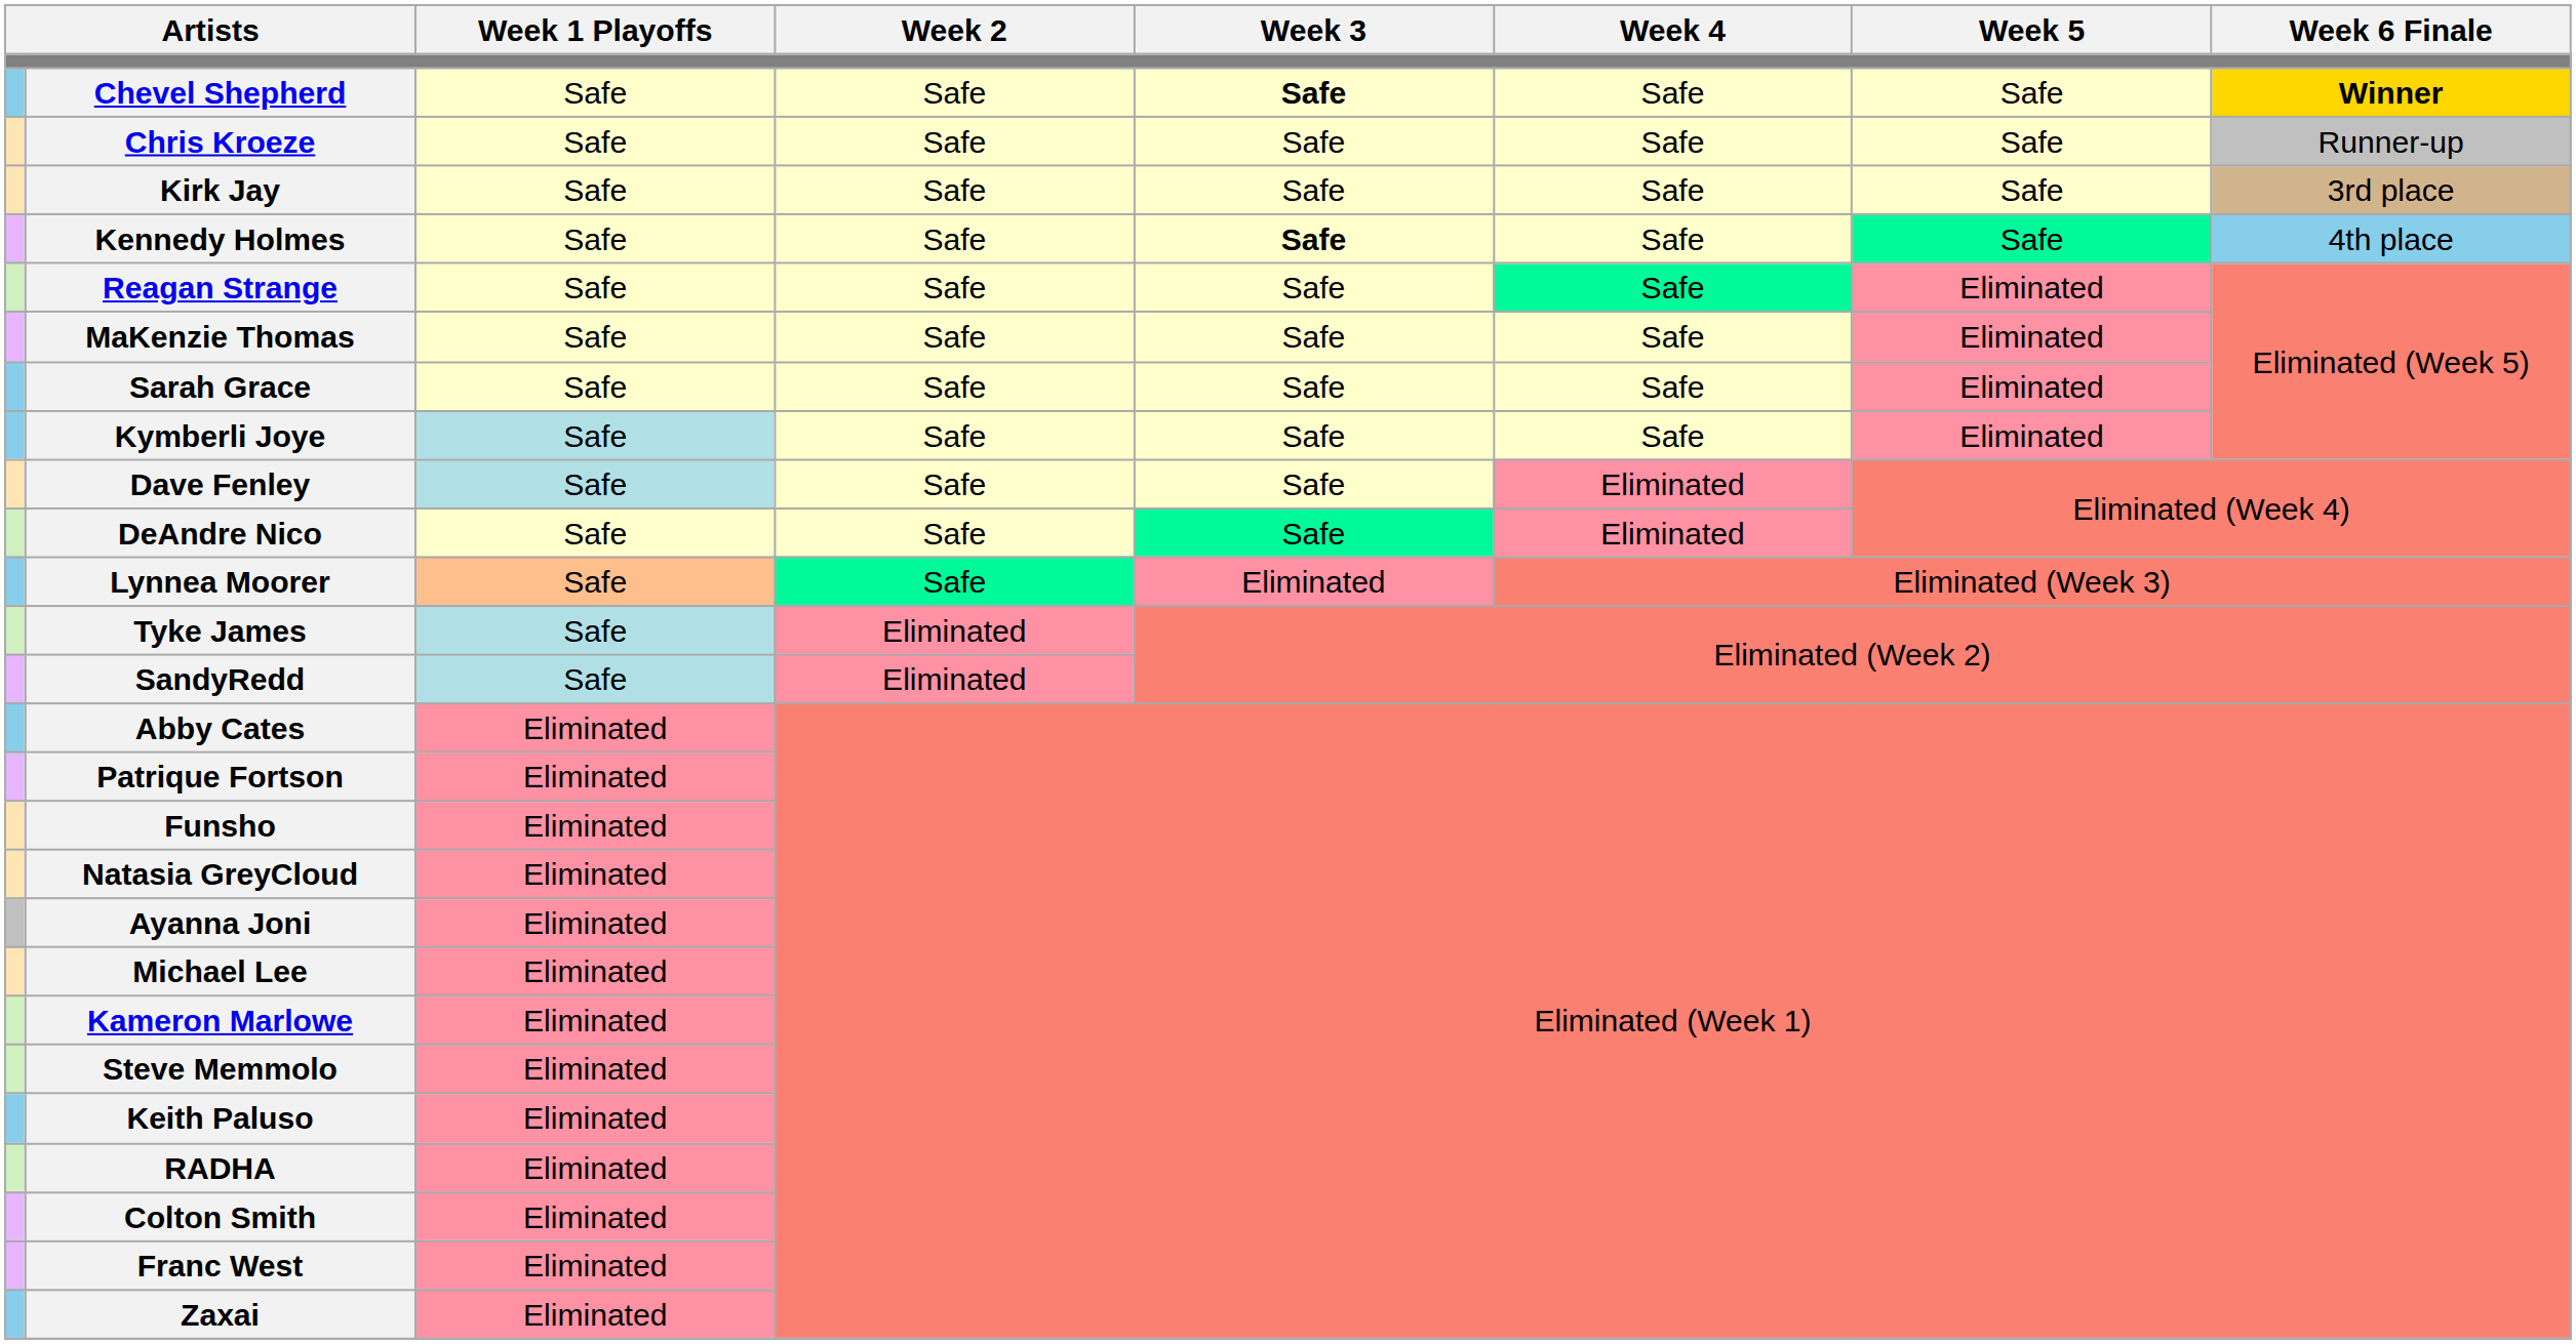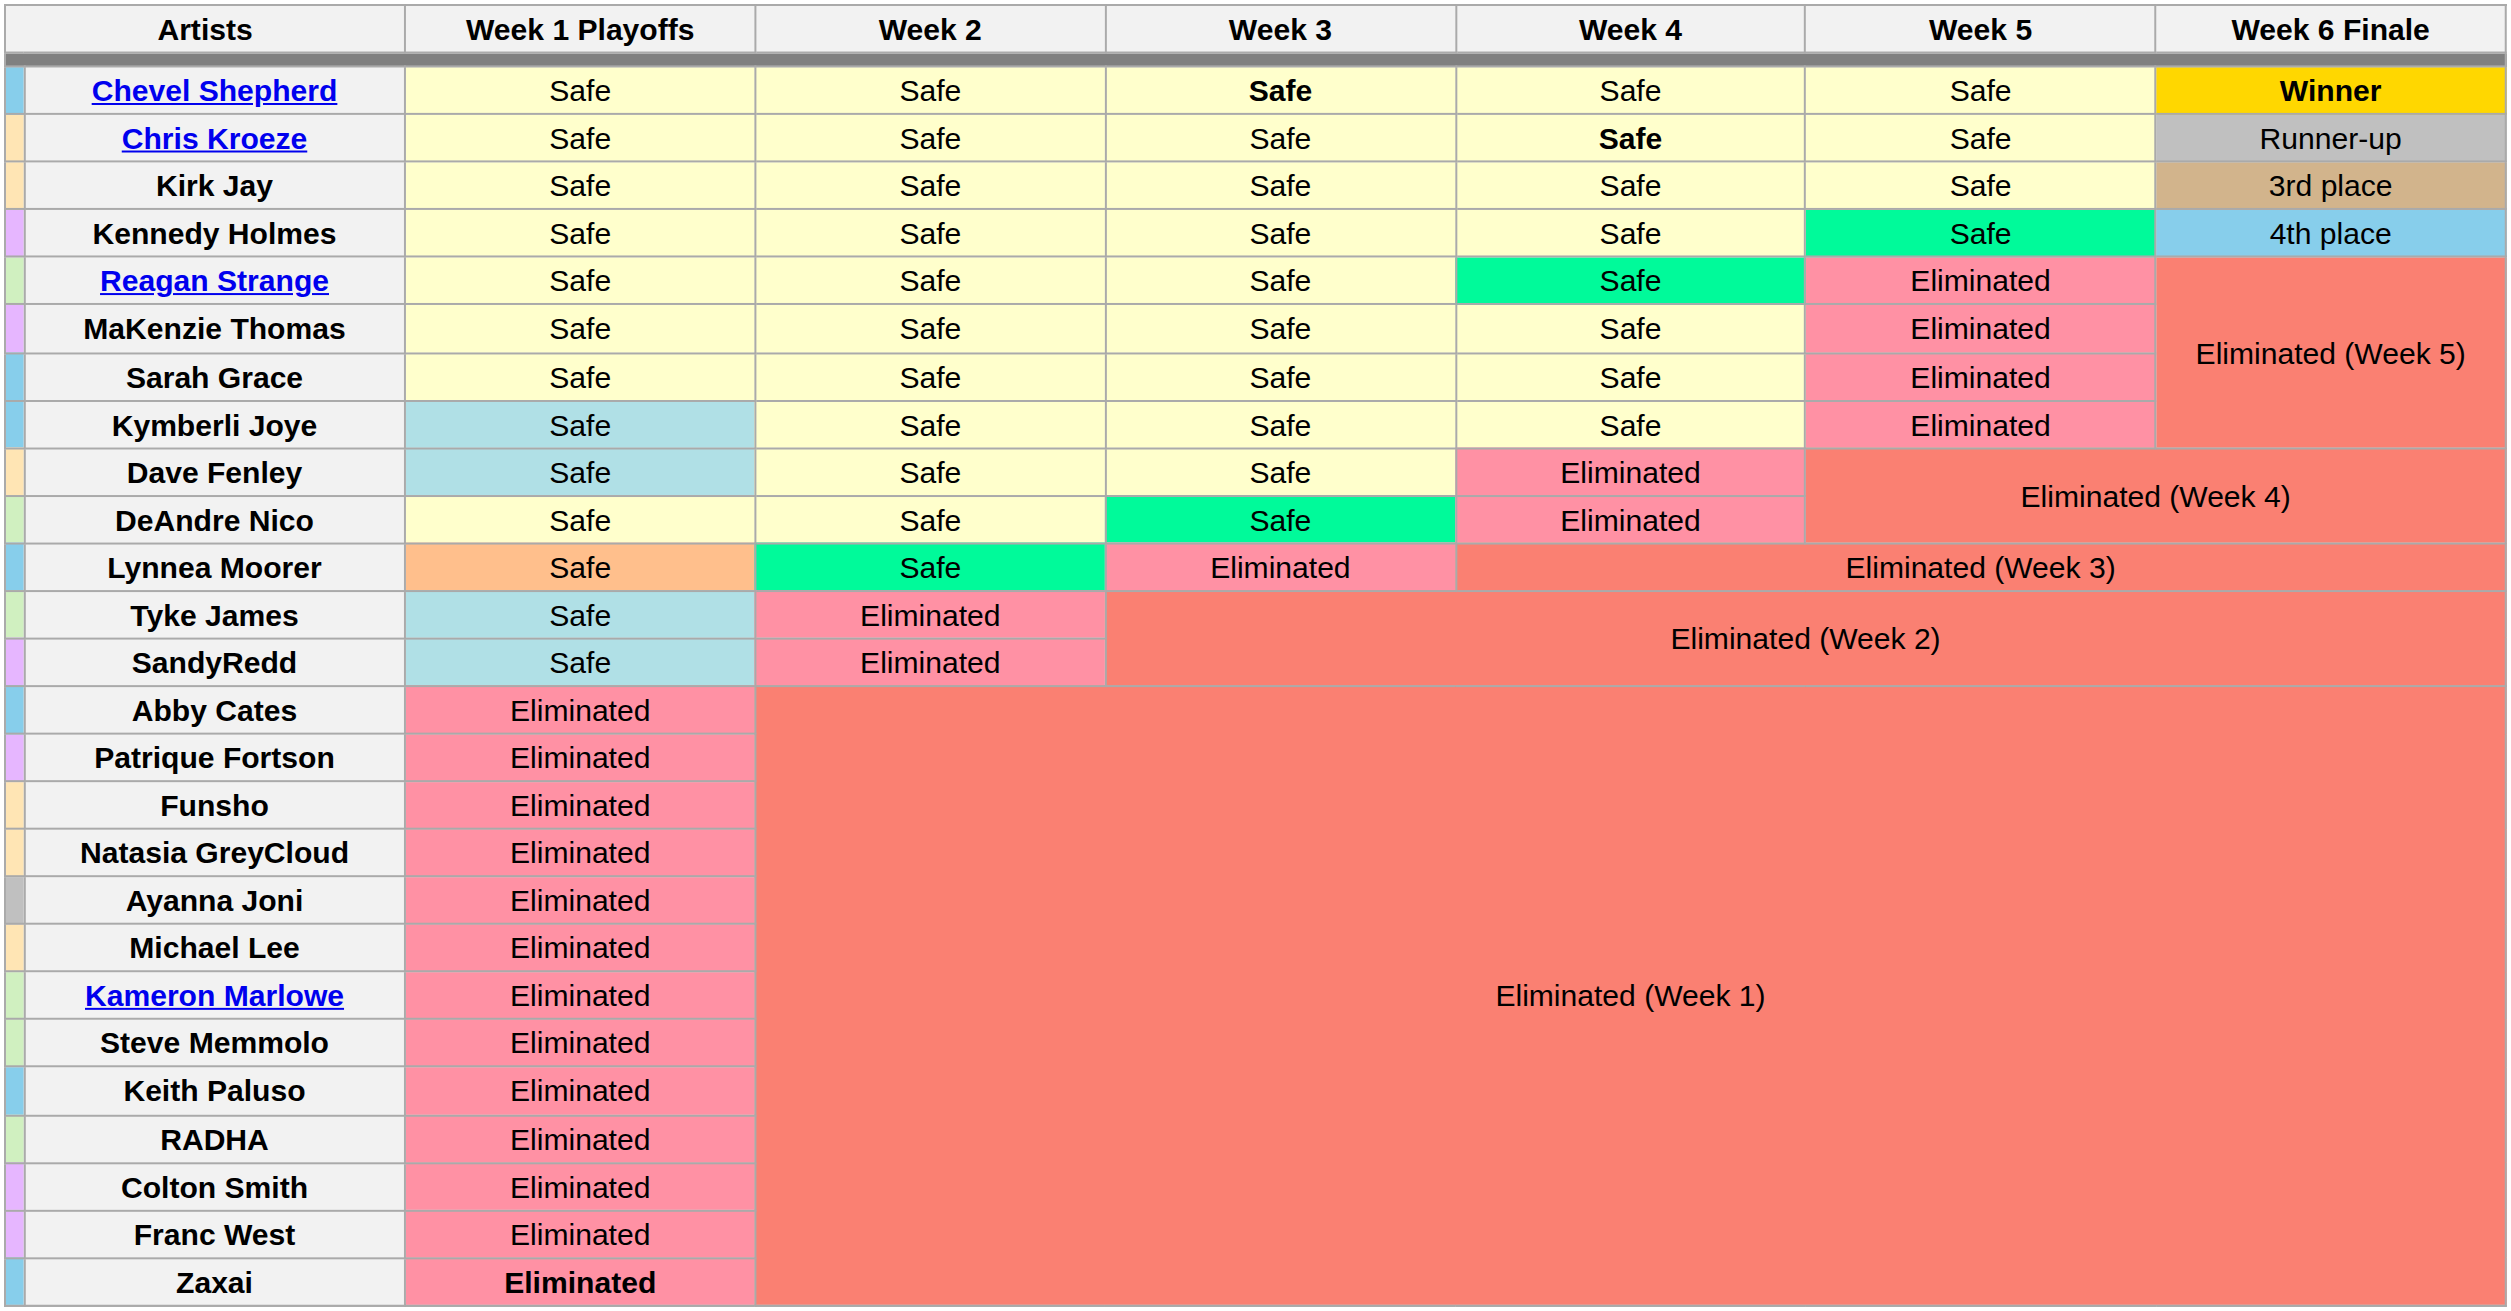 <table class="wikitable"  style="text-align:center; font-size:95%; width:100%;">
 <tr>
 </tr>
 <tr>
 <th colspan="2">Artists</th>
 <th style="width:14%;">Week 1 Playoffs</th>
 <th style="width:14%;">Week 2</th>
 <th style="width:14%;">Week 3</th>
 <th style="width:14%;">Week 4</th>
 <th style="width:14%;">Week 5</th>
 <th style="width:14%;">Week 6 Finale</th>
 </tr>
 <tr>
 <th colspan="9" style="background:gray;"></th>
 </tr>
 <tr>
 <th style="background:#87ceeb;"></th>
 <th><a href='#'>Chevel Shepherd</a></th>
 <td style="background:#FFFFCC;">Safe</td>
 <td style="background:#FFFFCC;">Safe</td>
 <td style="background:#FFFFCC;"><strong>Safe</strong></td>
 <td style="background:#FFFFCC;">Safe</td>
 <td style="background:#FFFFCC;">Safe</td>
 <td style="background:gold;"><strong>Winner</strong></td>
 </tr>
 <tr>
 <td style="background:#ffe5b4;"></td>
 <th><a href='#'>Chris Kroeze</a></th>
 <td style="background:#FFFFCC;">Safe</td>
 <td style="background:#FFFFCC;">Safe</td>
 <td style="background:#FFFFCC;">Safe</td>
-<td style="background:#FFFFCC;">Safe</td>
+<td style="background:#FFFFCC;"><strong>Safe</strong></td>
 <td style="background:#FFFFCC;">Safe</td>
 <td style="background:silver;">Runner-up</td>
 </tr>
 <tr>
 <th style="background:#ffe5b4;"></th>
 <th>Kirk Jay</th>
 <td style="background:#FFFFCC;">Safe</td>
 <td style="background:#FFFFCC;">Safe</td>
 <td style="background:#FFFFCC;">Safe</td>
 <td style="background:#FFFFCC;">Safe</td>
 <td style="background:#FFFFCC;">Safe</td>
 <td style="background:tan;">3rd place</td>
 </tr>
 <tr>
 <th style="background:#E6B6FF;"></th>
 <th>Kennedy Holmes</th>
 <td style="background:#FFFFCC;">Safe</td>
 <td style="background:#FFFFCC;">Safe</td>
-<td style="background:#FFFFCC;"><strong>Safe</strong></td>
+<td style="background:#FFFFCC;">Safe</td>
 <td style="background:#FFFFCC;">Safe</td>
 <td style="background:#00FA9A;">Safe</td>
 <td style="background:#87ceeb;">4th place</td>
 </tr>
 <tr>
 <th style="background:#d0f0c0;"></th>
 <th><a href='#'>Reagan Strange</a></th>
 <td style="background:#FFFFCC;">Safe</td>
 <td style="background:#FFFFCC;">Safe</td>
 <td style="background:#FFFFCC;">Safe</td>
 <td style="background:#00FA9A;">Safe</td>
 <td style="background:#FF91A4;">Eliminated</td>
 <td rowspan="4" colspan="2" style="background:salmon;">Eliminated (Week 5)</td>
 </tr>
 <tr>
 <td style="background:#E6B6FF;"></td>
 <th>MaKenzie Thomas</th>
 <td style="background:#FFFFCC;">Safe</td>
 <td style="background:#FFFFCC;">Safe</td>
 <td style="background:#FFFFCC;">Safe</td>
 <td style="background:#FFFFCC;">Safe</td>
 <td style="background:#FF91A4;">Eliminated</td>
 </tr>
 <tr>
 <th style="background:#87ceeb;"></th>
 <th>Sarah Grace</th>
 <td style="background:#FFFFCC;">Safe</td>
 <td style="background:#FFFFCC;">Safe</td>
 <td style="background:#FFFFCC;">Safe</td>
 <td style="background:#FFFFCC;">Safe</td>
 <td style="background:#FF91A4;">Eliminated</td>
 </tr>
 <tr>
 <th style="background:#87ceeb;"></th>
 <th>Kymberli Joye</th>
 <td style="background:#B0E0E6;">Safe</td>
 <td style="background:#FFFFCC;">Safe</td>
 <td style="background:#FFFFCC;">Safe</td>
 <td style="background:#FFFFCC;">Safe</td>
 <td style="background:#FF91A4;">Eliminated</td>
 </tr>
 <tr>
 <th style="background:#ffe5b4;"></th>
 <th>Dave Fenley</th>
 <td style="background:#B0E0E6;">Safe</td>
 <td style="background:#FFFFCC;">Safe</td>
 <td style="background:#FFFFCC;">Safe</td>
 <td style="background:#FF91A4;">Eliminated</td>
 <td rowspan="2" colspan="3" style="background:salmon;">Eliminated (Week 4)</td>
 </tr>
 <tr>
 <th style="background:#d0f0c0;"></th>
 <th>DeAndre Nico</th>
 <td style="background:#FFFFCC;">Safe</td>
 <td style="background:#FFFFCC;">Safe</td>
 <td style="background:#00FA9A;">Safe</td>
 <td style="background:#FF91A4;">Eliminated</td>
 </tr>
 <tr>
 <th style="background:#87ceeb;"></th>
 <th>Lynnea Moorer</th>
 <td style="background:#FFBF8C;">Safe</td>
 <td style="background:#00FA9A;">Safe</td>
 <td style="background:#FF91A4;">Eliminated</td>
 <td colspan="4" style="background:salmon;">Eliminated (Week 3)</td>
 </tr>
 <tr>
 <th style="background:#d0f0c0;"></th>
 <th>Tyke James</th>
 <td style="background:#B0E0E6;">Safe</td>
 <td style="background:#FF91A4;">Eliminated</td>
 <td rowspan="2" colspan="5" style="background:salmon;">Eliminated (Week 2)</td>
 </tr>
 <tr>
 <th style="background:#E6B6FF;"></th>
 <th>SandyRedd</th>
 <td style="background:#B0E0E6;">Safe</td>
 <td style="background:#FF91A4;">Eliminated</td>
 </tr>
 <tr>
 <th style="background:#87ceeb;"></th>
 <th>Abby Cates</th>
 <td style="background:#FF91A4;">Eliminated</td>
 <td rowspan="13" colspan="5" style="background:salmon;">Eliminated (Week 1)</td>
 </tr>
 <tr>
 <th style="background:#E6B6FF;"></th>
 <th>Patrique Fortson</th>
 <td style="background:#FF91A4;">Eliminated</td>
 </tr>
 <tr>
 <th style="background:#ffe5b4;"></th>
 <th>Funsho</th>
 <td style="background:#FF91A4;">Eliminated</td>
 </tr>
 <tr>
 <th style="background:#ffe5b4;"></th>
 <th>Natasia GreyCloud</th>
 <td style="background:#FF91A4;">Eliminated</td>
 </tr>
 <tr>
 <th style="background:silver;"></th>
 <th>Ayanna Joni</th>
 <td style="background:#FF91A4;">Eliminated</td>
 </tr>
 <tr>
 <th style="background:#ffe5b4;"></th>
 <th>Michael Lee</th>
 <td style="background:#FF91A4;">Eliminated</td>
 </tr>
 <tr>
 <th style="background:#d0f0c0;"></th>
 <th><a href='#'>Kameron Marlowe</a></th>
 <td style="background:#FF91A4;">Eliminated</td>
 </tr>
 <tr>
 <th style="background:#d0f0c0;"></th>
 <th>Steve Memmolo</th>
 <td style="background:#FF91A4;">Eliminated</td>
 </tr>
 <tr>
 <th style="background:#87ceeb;"></th>
 <th>Keith Paluso</th>
 <td style="background:#FF91A4;">Eliminated</td>
 </tr>
 <tr>
 <th style="background:#d0f0c0;"></th>
 <th>RADHA</th>
 <td style="background:#FF91A4;">Eliminated</td>
 </tr>
 <tr>
 <th style="background:#E6B6FF;"></th>
 <th>Colton Smith</th>
 <td style="background:#FF91A4;">Eliminated</td>
 </tr>
 <tr>
 <th style="background:#E6B6FF;"></th>
 <th>Franc West</th>
 <td style="background:#FF91A4;">Eliminated</td>
 </tr>
 <tr>
 <th style="background:#87ceeb;"></th>
 <th>Zaxai</th>
-<td style="background:#FF91A4;">Eliminated</td>
+<td style="background:#FF91A4;"><strong>Eliminated</strong></td>
 </tr>
 <tr>
 </tr>
 </table>
